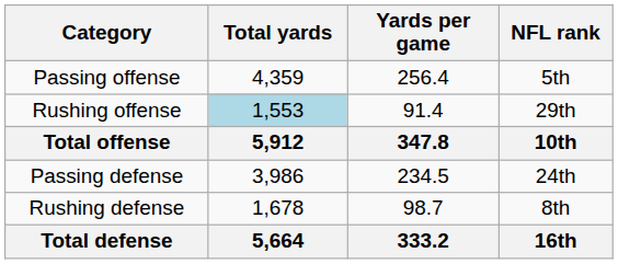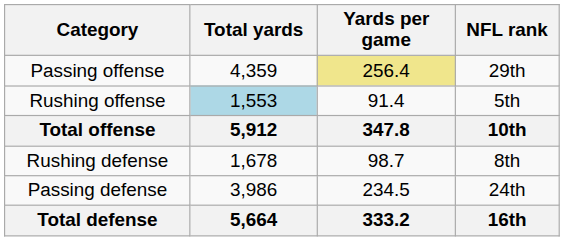 <table class="wikitable" style="text-align:center">
 <tr>
 <th width="150">Category</th>
 <th width="100">Total yards</th>
 <th width="110">Yards per game</th>
 <th width="80">NFL rank<br></th>
 </tr>
 <tr>
 <td>Passing offense</td>
 <td>4,359</td>
-<td>256.4</td>
-<td>5th</td>
+<td style="background: khaki;">256.4</td>
+<td>29th</td>
 </tr>
 <tr>
 <td>Rushing offense</td>
 <td style="background: lightblue;">1,553</td>
 <td>91.4</td>
-<td>29th</td>
+<td>5th</td>
 </tr>
 <tr>
 <th>Total offense</th>
 <th>5,912</th>
 <th>347.8</th>
 <th>10th</th>
 </tr>
 <tr>
+<td>Rushing defense</td>
+<td>1,678</td>
+<td>98.7</td>
+<td>8th</td>
+</tr>
+<tr>
 <td>Passing defense</td>
 <td>3,986</td>
 <td>234.5</td>
 <td>24th</td>
-</tr>
-<tr>
-<td>Rushing defense</td>
-<td>1,678</td>
-<td>98.7</td>
-<td>8th</td>
 </tr>
 <tr>
 <th>Total defense</th>
 <th>5,664</th>
 <th>333.2</th>
 <th>16th</th>
 </tr>
 </table>
